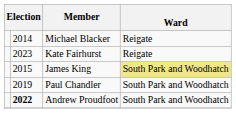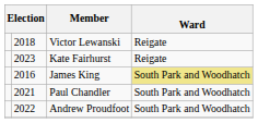 <table class="wikitable">
 <tr>
 <th colspan="2">Election</th>
 <th>Member</th>
 <th><br>Ward</th>
 </tr>
 <tr>
 <td style="background-color: "></td>
-<td>2014</td>
-<td>Michael Blacker</td>
+<td>2018</td>
+<td>Victor Lewanski</td>
 <td>Reigate</td>
 </tr>
 <tr>
 <td style="background-color: "></td>
 <td>2023</td>
 <td>Kate Fairhurst</td>
 <td>Reigate</td>
 </tr>
 <tr>
 <td style="background-color: "></td>
-<td>2015</td>
+<td>2016</td>
 <td>James King</td>
 <td style="background: khaki;">South Park and Woodhatch</td>
 </tr>
 <tr>
 <td style="background-color: "></td>
-<td>2019</td>
+<td>2021</td>
 <td>Paul Chandler</td>
 <td>South Park and Woodhatch</td>
 </tr>
 <tr>
 <td style="background-color: "></td>
-<td><strong>2022</strong></td>
+<td>2022</td>
 <td>Andrew Proudfoot</td>
 <td>South Park and Woodhatch</td>
 </tr>
 <tr>
 </tr>
 </table>
